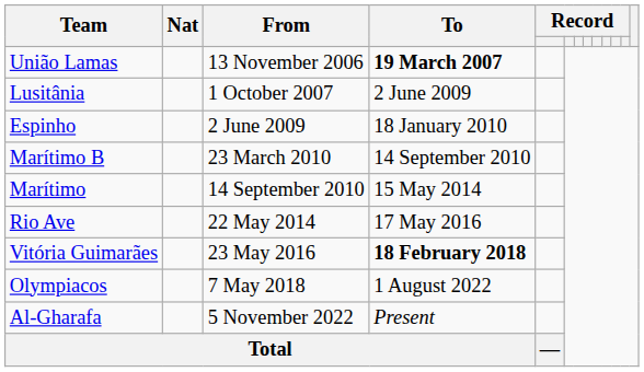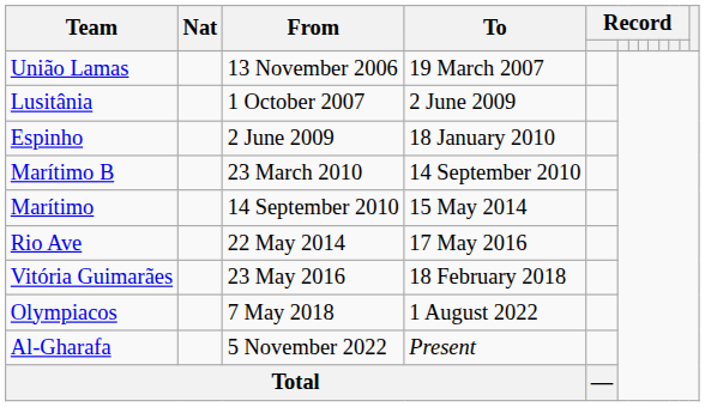 <table class=wikitable style=text-align:center>
 <tr>
 <th rowspan="2">Team</th>
 <th rowspan="2">Nat</th>
 <th rowspan="2">From</th>
 <th rowspan="2">To</th>
 <th colspan="8">Record</th>
 <th rowspan=2></th>
 </tr>
 <tr>
 <th></th>
 <th></th>
 <th></th>
 <th></th>
 <th></th>
 <th></th>
 <th></th>
 <th></th>
 </tr>
 <tr>
 <td align=left><a href='#'>União Lamas</a></td>
 <td></td>
 <td align=left>13 November 2006</td>
-<td align=left><strong>19 March 2007<br></strong></td>
+<td align=left>19 March 2007<br></td>
 <td></td>
 </tr>
 <tr>
 <td align=left><a href='#'>Lusitânia</a></td>
 <td></td>
 <td align=left>1 October 2007</td>
 <td align=left>2 June 2009<br></td>
 <td></td>
 </tr>
 <tr>
 <td align=left><a href='#'>Espinho</a></td>
 <td></td>
 <td align=left>2 June 2009</td>
 <td align=left>18 January 2010<br></td>
 <td></td>
 </tr>
 <tr>
 <td align=left><a href='#'>Marítimo B</a></td>
 <td></td>
 <td align=left>23 March 2010</td>
 <td align=left>14 September 2010<br></td>
 <td></td>
 </tr>
 <tr>
 <td align=left><a href='#'>Marítimo</a></td>
 <td></td>
 <td align=left>14 September 2010</td>
 <td align=left>15 May 2014<br></td>
 <td></td>
 </tr>
 <tr>
 <td align=left><a href='#'>Rio Ave</a></td>
 <td></td>
 <td align=left>22 May 2014</td>
 <td align=left>17 May 2016<br></td>
 <td></td>
 </tr>
 <tr>
 <td align=left><a href='#'>Vitória Guimarães</a></td>
 <td></td>
 <td align=left>23 May 2016</td>
-<td align=left><strong>18 February 2018<br></strong></td>
+<td align=left>18 February 2018<br></td>
 <td></td>
 </tr>
 <tr>
 <td align=left><a href='#'>Olympiacos</a></td>
 <td></td>
 <td align=left>7 May 2018</td>
 <td align=left>1 August 2022<br></td>
 <td></td>
 </tr>
 <tr>
 <td align=left><a href='#'>Al-Gharafa</a></td>
 <td></td>
 <td align=left>5 November 2022</td>
 <td align=left><em>Present</em><br></td>
 <td></td>
 </tr>
 <tr>
 <th colspan=4>Total<br></th>
 <th>—</th>
 </tr>
 </table>
